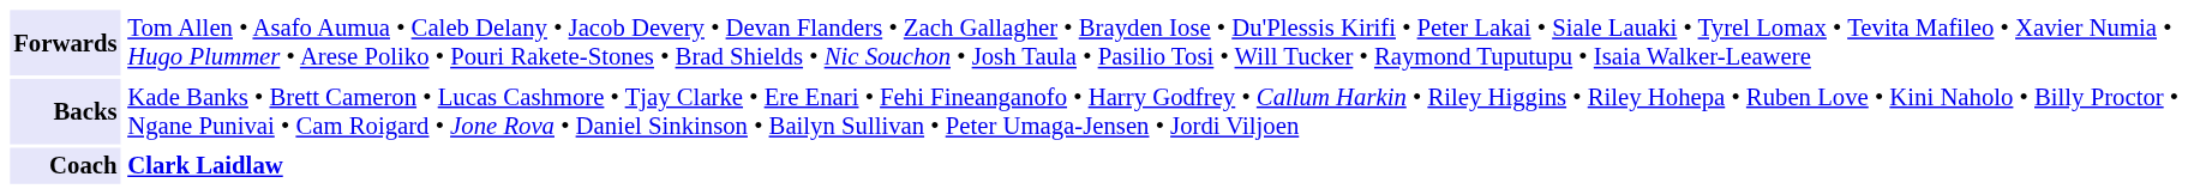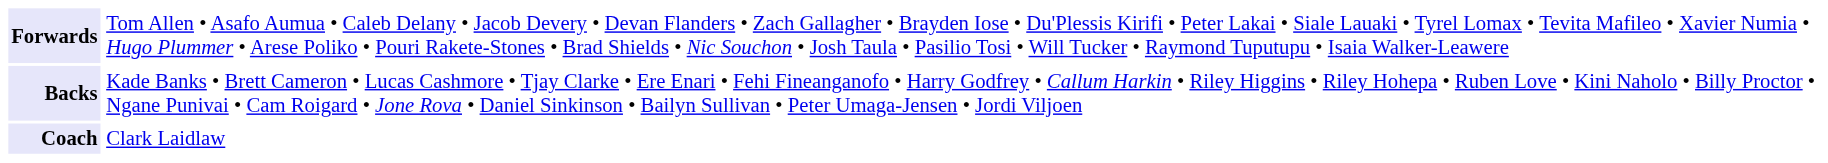 <table cellpadding="2" style="border: 1px solid white; font-size:90%;">
 <tr>
 <td style="text-align:right" bgcolor="lavender"><strong>Forwards</strong></td>
 <td style="text-align:left"><a href='#'>Tom Allen</a> • <a href='#'>Asafo Aumua</a> • <a href='#'>Caleb Delany</a> • <a href='#'>Jacob Devery</a> • <a href='#'>Devan Flanders</a> • <a href='#'>Zach Gallagher</a> • <a href='#'>Brayden Iose</a> • <a href='#'>Du'Plessis Kirifi</a> • <a href='#'>Peter Lakai</a> • <a href='#'>Siale Lauaki</a> • <a href='#'>Tyrel Lomax</a> • <a href='#'>Tevita Mafileo</a> • <a href='#'>Xavier Numia</a> • <em><a href='#'>Hugo Plummer</a></em> • <a href='#'>Arese Poliko</a> • <a href='#'>Pouri Rakete-Stones</a> • <a href='#'>Brad Shields</a> • <em><a href='#'>Nic Souchon</a></em> • <a href='#'>Josh Taula</a> • <a href='#'>Pasilio Tosi</a> • <a href='#'>Will Tucker</a> • <a href='#'>Raymond Tuputupu</a> • <a href='#'>Isaia Walker-Leawere</a></td>
 </tr>
 <tr>
 <td style="text-align:right" bgcolor="lavender"><strong>Backs</strong></td>
 <td style="text-align:left"><a href='#'>Kade Banks</a> • <a href='#'>Brett Cameron</a> • <a href='#'>Lucas Cashmore</a> • <a href='#'>Tjay Clarke</a> • <a href='#'>Ere Enari</a> • <a href='#'>Fehi Fineanganofo</a> • <a href='#'>Harry Godfrey</a> • <em><a href='#'>Callum Harkin</a></em> • <a href='#'>Riley Higgins</a> • <a href='#'>Riley Hohepa</a> • <a href='#'>Ruben Love</a> • <a href='#'>Kini Naholo</a> • <a href='#'>Billy Proctor</a> • <a href='#'>Ngane Punivai</a> • <a href='#'>Cam Roigard</a> • <em><a href='#'>Jone Rova</a></em> • <a href='#'>Daniel Sinkinson</a> • <a href='#'>Bailyn Sullivan</a> • <a href='#'>Peter Umaga-Jensen</a> • <a href='#'>Jordi Viljoen</a></td>
 </tr>
 <tr>
 <td style="text-align:right" bgcolor="lavender"><strong>Coach</strong></td>
-<td style="text-align:left"><strong><a href='#'>Clark Laidlaw</a></strong></td>
+<td style="text-align:left"><a href='#'>Clark Laidlaw</a></td>
 </tr>
 </table>
